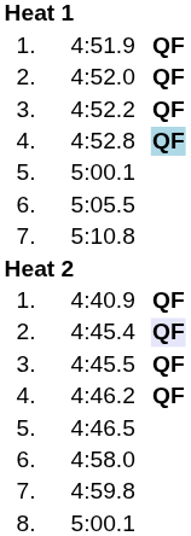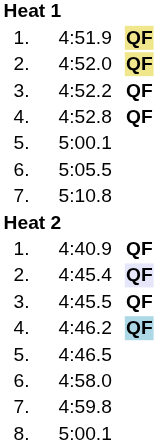 <table style="text-align:center">
 <tr>
 <td colspan=4 align=left><strong>Heat 1</strong></td>
 </tr>
 <tr>
 <td width=30>1.</td>
 <td align=left></td>
 <td width=60>4:51.9</td>
-<td><strong>QF</strong></td>
+<td style="background: khaki;"><strong>QF</strong></td>
 </tr>
 <tr>
 <td>2.</td>
 <td align=left></td>
 <td>4:52.0</td>
-<td><strong>QF</strong></td>
+<td style="background: khaki;"><strong>QF</strong></td>
 </tr>
 <tr>
 <td>3.</td>
 <td align=left></td>
 <td>4:52.2</td>
 <td><strong>QF</strong></td>
 </tr>
 <tr>
 <td>4.</td>
 <td align=left></td>
 <td>4:52.8</td>
-<td style="background: lightblue;"><strong>QF</strong></td>
+<td><strong>QF</strong></td>
 </tr>
 <tr>
 <td>5.</td>
 <td align=left></td>
 <td>5:00.1</td>
 <td></td>
 </tr>
 <tr>
 <td>6.</td>
 <td align=left></td>
 <td>5:05.5</td>
 <td></td>
 </tr>
 <tr>
 <td>7.</td>
 <td align=left></td>
 <td>5:10.8</td>
 <td></td>
 </tr>
 <tr>
 <td colspan=4 align=left><strong>Heat 2</strong></td>
 </tr>
 <tr>
 <td>1.</td>
 <td align=left></td>
 <td>4:40.9</td>
 <td><strong>QF</strong></td>
 </tr>
 <tr>
 <td>2.</td>
 <td align=left></td>
 <td>4:45.4</td>
 <td style="background: lavender;"><strong>QF</strong></td>
 </tr>
 <tr>
 <td>3.</td>
 <td align=left></td>
 <td>4:45.5</td>
 <td><strong>QF</strong></td>
 </tr>
 <tr>
 <td>4.</td>
 <td align=left></td>
 <td>4:46.2</td>
-<td><strong>QF</strong></td>
+<td style="background: lightblue;"><strong>QF</strong></td>
 </tr>
 <tr>
 <td>5.</td>
 <td align=left></td>
 <td>4:46.5</td>
 <td></td>
 </tr>
 <tr>
 <td>6.</td>
 <td align=left></td>
 <td>4:58.0</td>
 <td></td>
 </tr>
 <tr>
 <td>7.</td>
 <td align=left></td>
 <td>4:59.8</td>
 <td></td>
 </tr>
 <tr>
 <td>8.</td>
 <td align=left></td>
 <td>5:00.1</td>
 <td></td>
 </tr>
 </table>
